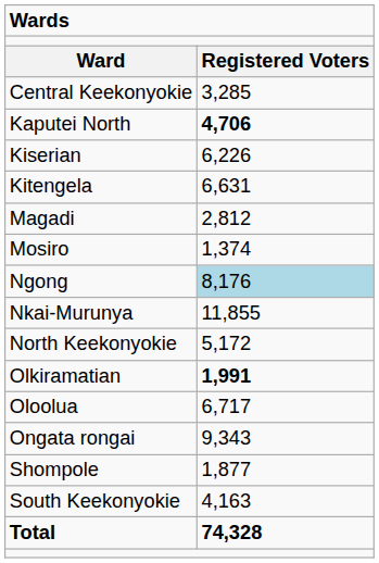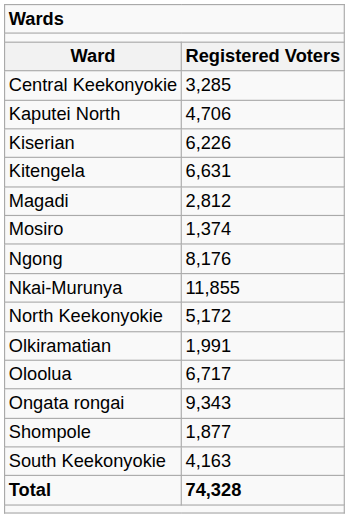 <table class="wikitable">
 <tr>
 <td colspan="2"><strong>Wards</strong></td>
 </tr>
 <tr>
 <td colspan="2"></td>
 </tr>
 <tr>
 <th>Ward</th>
 <th>Registered Voters</th>
 </tr>
 <tr>
 <td>Central Keekonyokie</td>
 <td>3,285</td>
 </tr>
 <tr>
 <td>Kaputei North</td>
-<td><strong>4,706</strong></td>
+<td>4,706</td>
 </tr>
 <tr>
 <td>Kiserian</td>
 <td>6,226</td>
 </tr>
 <tr>
 <td>Kitengela</td>
 <td>6,631</td>
 </tr>
 <tr>
 <td>Magadi</td>
 <td>2,812</td>
 </tr>
 <tr>
 <td>Mosiro</td>
 <td>1,374</td>
 </tr>
 <tr>
 <td>Ngong</td>
-<td style="background: lightblue;">8,176</td>
+<td>8,176</td>
 </tr>
 <tr>
 <td>Nkai-Murunya</td>
 <td>11,855</td>
 </tr>
 <tr>
 <td>North Keekonyokie</td>
 <td>5,172</td>
 </tr>
 <tr>
 <td>Olkiramatian</td>
-<td><strong>1,991</strong></td>
+<td>1,991</td>
 </tr>
 <tr>
 <td>Oloolua</td>
 <td>6,717</td>
 </tr>
 <tr>
 <td>Ongata rongai</td>
 <td>9,343</td>
 </tr>
 <tr>
 <td>Shompole</td>
 <td>1,877</td>
 </tr>
 <tr>
 <td>South Keekonyokie</td>
 <td>4,163</td>
 </tr>
 <tr>
 <td><strong>Total</strong></td>
 <td><strong>74,328</strong></td>
 </tr>
 <tr>
 <td colspan="2"></td>
 </tr>
 </table>
